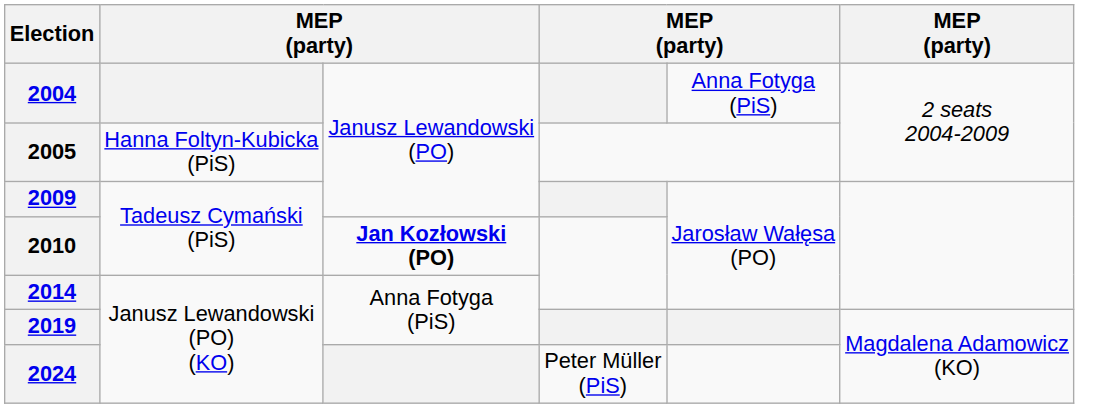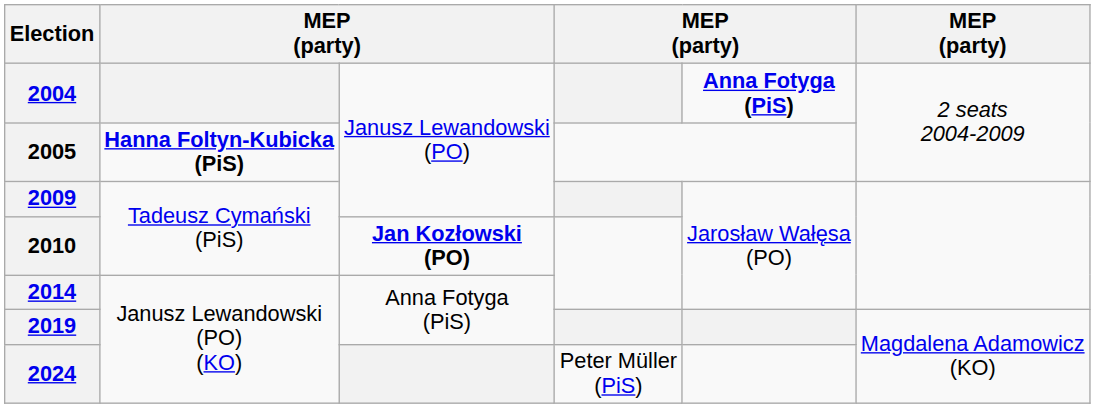 <table class= "wikitable" style= "text-align:center">
 <tr>
 <th>Election</th>
 <th colspan=2>MEP<br>(party)</th>
 <th colspan=2>MEP<br>(party)</th>
 <th colspan=2>MEP<br>(party)</th>
 </tr>
 <tr>
 <th><a href='#'>2004</a></th>
 <th style="background-color: "></th>
 <td rowspan=3><a href='#'>Janusz Lewandowski</a><br>(<a href='#'>PO</a>)</td>
 <th style="background-color: "></th>
-<td rowspan=1><a href='#'>Anna Fotyga</a><br>(<a href='#'>PiS</a>)</td>
+<td rowspan=1><strong><a href='#'>Anna Fotyga</a><br>(<a href='#'>PiS</a>)</strong></td>
 <td colspan=2 rowspan=2><em>2 seats<br>2004-2009</em></td>
 </tr>
 <tr>
 <th>2005</th>
-<td rowspan=1><a href='#'>Hanna Foltyn-Kubicka</a><br>(PiS)</td>
+<td rowspan=1><strong><a href='#'>Hanna Foltyn-Kubicka</a><br>(PiS)</strong></td>
 </tr>
 <tr>
 <th><a href='#'>2009</a></th>
 <td rowspan=2><a href='#'>Tadeusz Cymański</a><br>(PiS)</td>
 <th style="background-color: "></th>
 <td rowspan=3><a href='#'>Jarosław Wałęsa</a><br>(PO)</td>
 </tr>
 <tr>
 <th>2010</th>
 <td rowspan=1><strong><a href='#'>Jan Kozłowski</a><br>(PO)</strong></td>
 </tr>
 <tr>
 <th><a href='#'>2014</a></th>
 <td rowspan=3>Janusz Lewandowski<br>(PO)<br>(<a href='#'>KO</a>)</td>
 <td rowspan=2>Anna Fotyga<br>(PiS)</td>
 </tr>
 <tr>
 <th><a href='#'>2019</a></th>
 <th style="background-color: "></th>
 <th style="background-color: "></th>
 <td rowspan=2><a href='#'>Magdalena Adamowicz</a><br>(KO)</td>
 </tr>
 <tr>
 <th><a href='#'>2024</a></th>
 <th style="background-color: "></th>
 <td rowspan=1>Peter Müller<br>(<a href='#'>PiS</a>)</td>
 </tr>
 </table>
